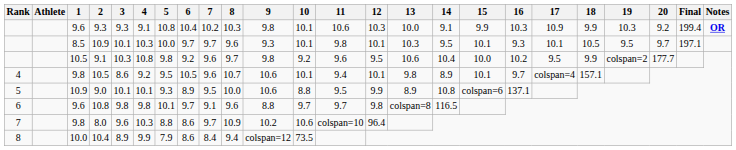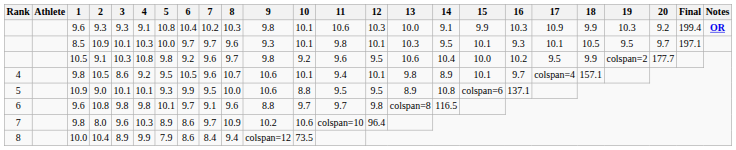 <table class="wikitable sortable">
 <tr>
 <th>Rank</th>
 <th>Athlete</th>
 <th class="unsortable">1</th>
 <th class="unsortable">2</th>
 <th class="unsortable">3</th>
 <th class="unsortable">4</th>
 <th class="unsortable">5</th>
 <th class="unsortable">6</th>
 <th class="unsortable">7</th>
 <th class="unsortable">8</th>
 <th class="unsortable">9</th>
 <th class="unsortable">10</th>
 <th class="unsortable">11</th>
 <th class="unsortable">12</th>
 <th class="unsortable">13</th>
 <th class="unsortable">14</th>
 <th class="unsortable">15</th>
 <th class="unsortable">16</th>
 <th class="unsortable">17</th>
 <th class="unsortable">18</th>
 <th class="unsortable">19</th>
 <th class="unsortable">20</th>
 <th>Final</th>
 <th class="unsortable">Notes</th>
 </tr>
 <tr>
 <td align="center"></td>
 <td></td>
 <td align="center">9.6</td>
 <td align="center">9.3</td>
 <td align="center">9.3</td>
 <td align="center">9.1</td>
 <td align="center">10.8</td>
 <td align="center">10.4</td>
 <td align="center">10.2</td>
 <td align="center">10.3</td>
 <td align="center">9.8</td>
 <td align="center">10.1</td>
 <td align="center">10.6</td>
 <td align="center">10.3</td>
 <td align="center">10.0</td>
 <td align="center">9.1</td>
 <td align="center">9.9</td>
 <td align="center">10.3</td>
 <td align="center">10.9</td>
 <td align="center">9.9</td>
 <td align="center">10.3</td>
 <td align="center">9.2</td>
 <td align="center">199.4</td>
 <td align="center"><strong><a href='#'>OR</a></strong></td>
 </tr>
 <tr>
 <td align="center"></td>
 <td></td>
 <td align="center">8.5</td>
 <td align="center">10.9</td>
 <td align="center">10.1</td>
 <td align="center">10.3</td>
 <td align="center">10.0</td>
 <td align="center">9.7</td>
 <td align="center">9.7</td>
 <td align="center">9.6</td>
 <td align="center">9.3</td>
 <td align="center">10.1</td>
 <td align="center">9.8</td>
 <td align="center">10.1</td>
 <td align="center">10.3</td>
 <td align="center">9.5</td>
 <td align="center">10.1</td>
 <td align="center">9.3</td>
 <td align="center">10.1</td>
 <td align="center">10.5</td>
 <td align="center">9.5</td>
 <td align="center">9.7</td>
 <td align="center">197.1</td>
 <td align="center"></td>
 </tr>
 <tr>
 <td align="center"></td>
 <td></td>
 <td align="center">10.5</td>
 <td align="center">9.1</td>
 <td align="center">10.3</td>
 <td align="center">10.8</td>
 <td align="center">9.8</td>
 <td align="center">9.2</td>
 <td align="center">9.6</td>
 <td align="center">9.7</td>
 <td align="center">9.8</td>
 <td align="center">9.2</td>
 <td align="center">9.6</td>
 <td align="center">9.5</td>
 <td align="center">10.6</td>
 <td align="center">10.4</td>
 <td align="center">10.0</td>
 <td align="center">10.2</td>
 <td align="center">9.5</td>
 <td align="center">9.9</td>
 <td>colspan=2 </td>
 <td align="center">177.7</td>
 <td align="center"></td>
 </tr>
 <tr>
 <td align="center">4</td>
 <td></td>
 <td align="center">9.8</td>
 <td align="center">10.5</td>
 <td align="center">8.6</td>
 <td align="center">9.2</td>
 <td align="center">9.5</td>
 <td align="center">10.5</td>
 <td align="center">9.6</td>
 <td align="center">10.7</td>
 <td align="center">10.6</td>
 <td align="center">10.1</td>
 <td align="center">9.4</td>
 <td align="center">10.1</td>
 <td align="center">9.8</td>
 <td align="center">8.9</td>
 <td align="center">10.1</td>
 <td align="center">9.7</td>
 <td>colspan=4 </td>
 <td align="center">157.1</td>
 <td align="center"></td>
 </tr>
 <tr>
 <td align="center">5</td>
 <td></td>
 <td align="center">10.9</td>
 <td align="center">9.0</td>
 <td align="center">10.1</td>
 <td align="center">10.1</td>
 <td align="center">9.3</td>
-<td align="center">8.9</td>
+<td align="center">9.9</td>
 <td align="center">9.5</td>
 <td align="center">10.0</td>
 <td align="center">10.6</td>
 <td align="center">8.8</td>
 <td align="center">9.5</td>
-<td align="center">9.9</td>
+<td align="center">9.5</td>
 <td align="center">8.9</td>
 <td align="center">10.8</td>
 <td>colspan=6 </td>
 <td align="center">137.1</td>
 <td align="center"></td>
 </tr>
 <tr>
 <td align="center">6</td>
 <td></td>
 <td align="center">9.6</td>
 <td align="center">10.8</td>
 <td align="center">9.8</td>
 <td align="center">9.8</td>
 <td align="center">10.1</td>
 <td align="center">9.7</td>
 <td align="center">9.1</td>
 <td align="center">9.6</td>
 <td align="center">8.8</td>
 <td align="center">9.7</td>
 <td align="center">9.7</td>
 <td align="center">9.8</td>
 <td>colspan=8 </td>
 <td align="center">116.5</td>
 <td align="center"></td>
 </tr>
 <tr>
 <td align="center">7</td>
 <td></td>
 <td align="center">9.8</td>
 <td align="center">8.0</td>
 <td align="center">9.6</td>
 <td align="center">10.3</td>
-<td align="center">8.8</td>
+<td align="center">8.9</td>
 <td align="center">8.6</td>
 <td align="center">9.7</td>
 <td align="center">10.9</td>
 <td align="center">10.2</td>
 <td align="center">10.6</td>
 <td>colspan=10 </td>
 <td align="center">96.4</td>
 <td align="center"></td>
 </tr>
 <tr>
 <td align="center">8</td>
 <td></td>
 <td align="center">10.0</td>
 <td align="center">10.4</td>
 <td align="center">8.9</td>
 <td align="center">9.9</td>
 <td align="center">7.9</td>
 <td align="center">8.6</td>
 <td align="center">8.4</td>
 <td align="center">9.4</td>
 <td>colspan=12 </td>
 <td align="center">73.5</td>
 <td align="center"></td>
 </tr>
 </table>
